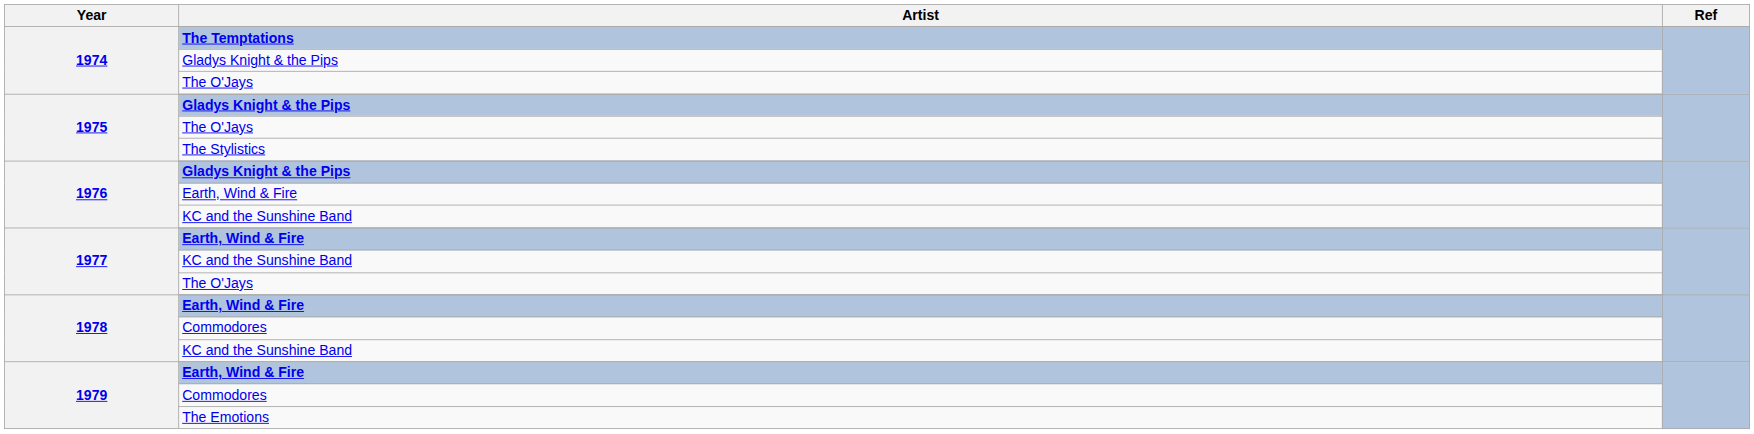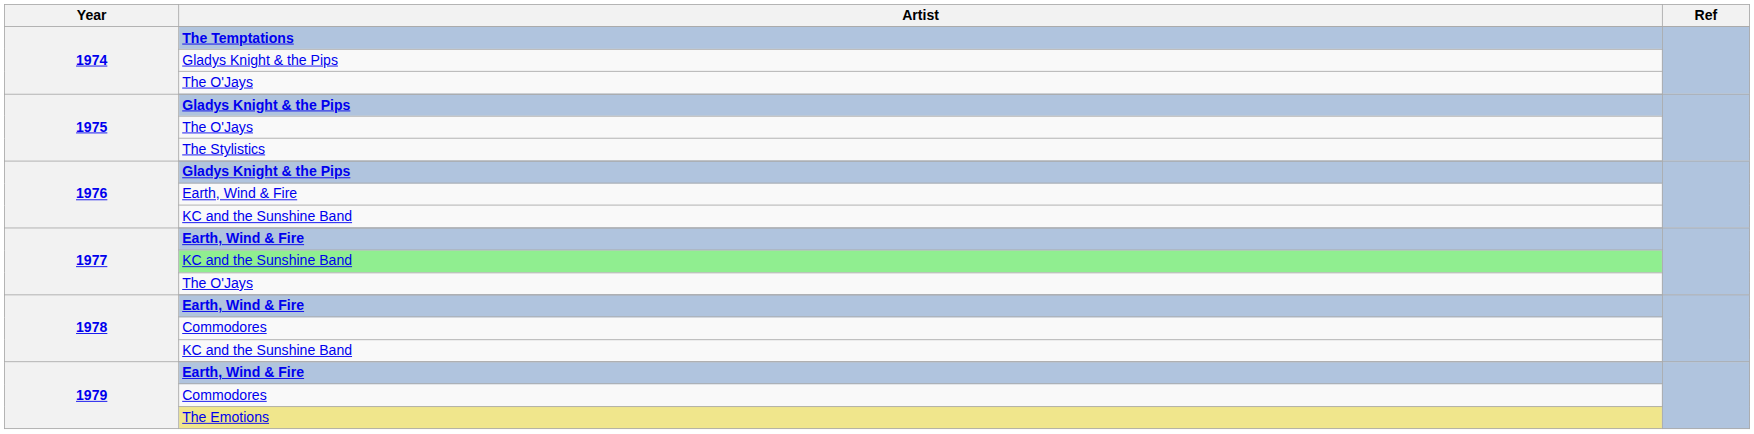 <table class="wikitable" width="100%">
 <tr>
 <th width="10%">Year</th>
 <th width="85%">Artist</th>
 <th width="5%">Ref</th>
 </tr>
 <tr>
 <th rowspan="4" align="center"><a href='#'>1974<br></a></th>
 </tr>
 <tr style="background:#B0C4DE">
 <td><strong><a href='#'>The Temptations</a></strong></td>
 <td rowspan="4" align="center"></td>
 </tr>
 <tr>
 <td><a href='#'>Gladys Knight & the Pips</a></td>
 </tr>
 <tr>
 <td><a href='#'>The O'Jays</a></td>
 </tr>
 <tr>
 <th rowspan="4" align="center"><a href='#'>1975<br></a></th>
 </tr>
 <tr style="background:#B0C4DE">
 <td><strong><a href='#'>Gladys Knight & the Pips</a></strong></td>
 <td rowspan="4" align="center"></td>
 </tr>
 <tr>
 <td><a href='#'>The O'Jays</a></td>
 </tr>
 <tr>
 <td><a href='#'>The Stylistics</a></td>
 </tr>
 <tr>
 <th rowspan="4" align="center"><a href='#'>1976<br></a></th>
 </tr>
 <tr style="background:#B0C4DE">
 <td><strong><a href='#'>Gladys Knight & the Pips</a></strong></td>
 <td rowspan="4" align="center"></td>
 </tr>
 <tr>
 <td><a href='#'>Earth, Wind & Fire</a></td>
 </tr>
 <tr>
 <td><a href='#'>KC and the Sunshine Band</a></td>
 </tr>
 <tr>
 <th rowspan="4" align="center"><a href='#'>1977<br></a></th>
 </tr>
 <tr style="background:#B0C4DE">
 <td><strong><a href='#'>Earth, Wind & Fire</a></strong></td>
 <td rowspan="4" align="center"></td>
 </tr>
 <tr>
-<td><a href='#'>KC and the Sunshine Band</a></td>
+<td style="background: lightgreen;"><a href='#'>KC and the Sunshine Band</a></td>
 </tr>
 <tr>
 <td><a href='#'>The O'Jays</a></td>
 </tr>
 <tr>
 <th rowspan="4" align="center"><a href='#'>1978<br></a></th>
 </tr>
 <tr style="background:#B0C4DE">
 <td><strong><a href='#'>Earth, Wind & Fire</a></strong></td>
 <td rowspan="4" align="center"></td>
 </tr>
 <tr>
 <td><a href='#'>Commodores</a></td>
 </tr>
 <tr>
 <td><a href='#'>KC and the Sunshine Band</a></td>
 </tr>
 <tr>
 <th rowspan="4" align="center"><a href='#'>1979<br></a></th>
 </tr>
 <tr style="background:#B0C4DE">
 <td><strong><a href='#'>Earth, Wind & Fire</a></strong></td>
 <td rowspan="4" align="center"></td>
 </tr>
 <tr>
 <td><a href='#'>Commodores</a></td>
 </tr>
 <tr>
-<td><a href='#'>The Emotions</a></td>
+<td style="background: khaki;"><a href='#'>The Emotions</a></td>
 </tr>
 </table>
